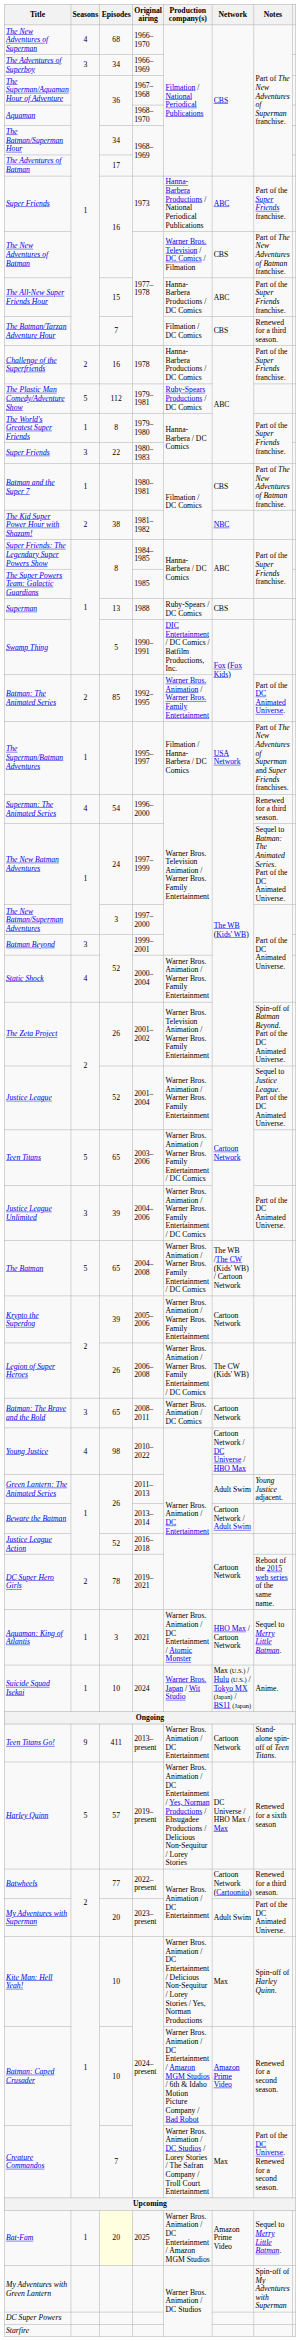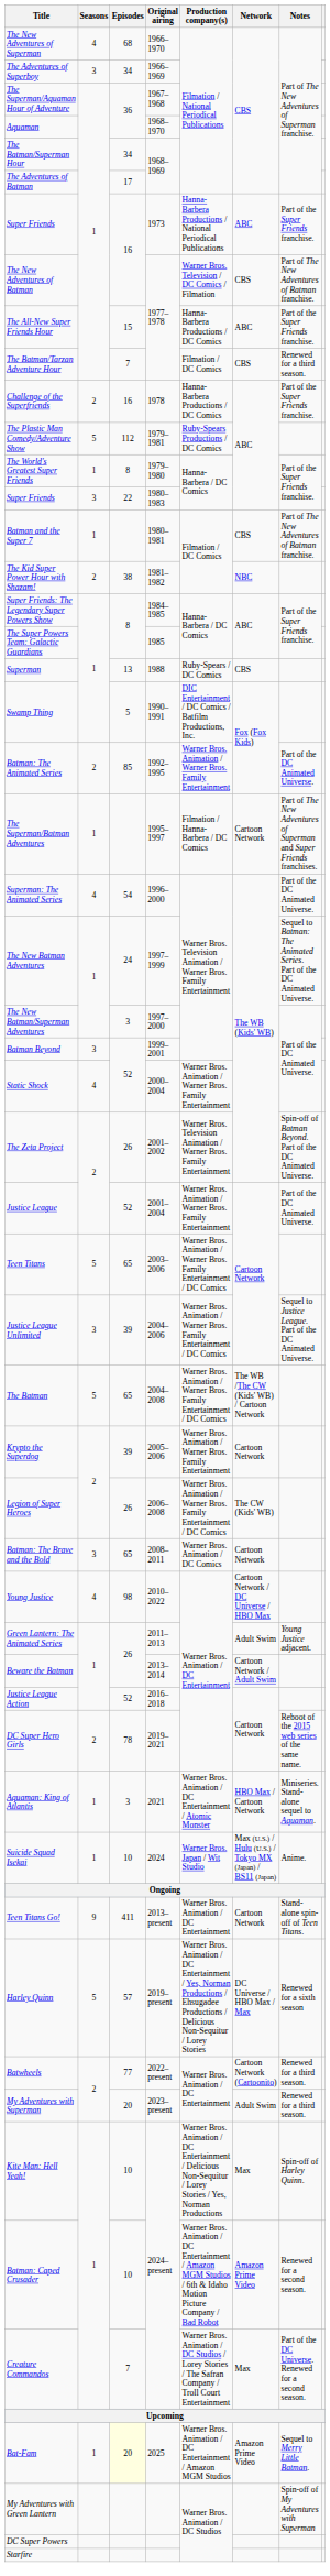 <table class="wikitable sortable" style="text-align: left">
 <tr>
 <th>Title</th>
 <th>Seasons</th>
 <th>Episodes</th>
 <th>Original airing</th>
 <th>Production company(s)</th>
 <th>Network</th>
 <th>Notes</th>
 <th></th>
 </tr>
 <tr>
 <td><em><a href='#'>The New Adventures of Superman</a></em></td>
 <td align="center">4</td>
 <td align="center">68</td>
 <td>1966–1970</td>
 <td rowspan="6"><a href='#'>Filmation</a> / <a href='#'>National Periodical Publications</a></td>
 <td rowspan="6"><a href='#'>CBS</a></td>
 <td rowspan="6">Part of <em>The New Adventures of Superman</em> franchise.</td>
 <td></td>
 </tr>
 <tr>
 <td><em><a href='#'>The Adventures of Superboy</a></em></td>
 <td align="center">3</td>
 <td align="center">34</td>
 <td>1966–1969</td>
 <td></td>
 </tr>
 <tr>
 <td><em><a href='#'>The Superman/Aquaman Hour of Adventure</a></em></td>
 <td align="center"rowspan="8">1</td>
 <td align="center"rowspan="2">36</td>
 <td>1967–1968</td>
 <td></td>
 </tr>
 <tr>
 <td><em><a href='#'>Aquaman</a></em></td>
 <td>1968–1970</td>
 <td></td>
 </tr>
 <tr>
 <td><em><a href='#'>The Batman/Superman Hour</a></em></td>
 <td align="center">34</td>
 <td rowspan="2">1968–1969</td>
 <td></td>
 </tr>
 <tr>
 <td><em><a href='#'>The Adventures of Batman</a></em></td>
 <td align="center">17</td>
 <td></td>
 </tr>
 <tr>
 <td><em><a href='#'>Super Friends</a></em></td>
 <td align="center"rowspan="2">16</td>
 <td>1973</td>
 <td><a href='#'>Hanna-Barbera Productions</a> / National Periodical Publications</td>
 <td><a href='#'>ABC</a></td>
 <td>Part of the <em><a href='#'>Super Friends</a></em> franchise.</td>
 <td></td>
 </tr>
 <tr>
 <td><em><a href='#'>The New Adventures of Batman</a></em></td>
 <td rowspan="3">1977–1978</td>
 <td><a href='#'>Warner Bros. Television</a> / <a href='#'>DC Comics</a> / Filmation</td>
 <td>CBS</td>
 <td>Part of <em>The New Adventures of Batman</em> franchise.</td>
 <td></td>
 </tr>
 <tr>
 <td><em><a href='#'>The All-New Super Friends Hour</a></em></td>
 <td align="center">15</td>
 <td>Hanna-Barbera Productions / DC Comics</td>
 <td>ABC</td>
 <td>Part of the <em>Super Friends</em> franchise.</td>
 <td></td>
 </tr>
 <tr>
 <td><em><a href='#'>The Batman/Tarzan Adventure Hour</a></em></td>
 <td align="center">7</td>
 <td>Filmation / DC Comics</td>
 <td>CBS</td>
 <td>Renewed for a third season.</td>
 <td></td>
 </tr>
 <tr>
 <td><em><a href='#'>Challenge of the Superfriends</a></em></td>
 <td align="center">2</td>
 <td align="center">16</td>
 <td>1978</td>
 <td>Hanna-Barbera Productions / DC Comics</td>
 <td rowspan="4">ABC</td>
 <td>Part of the <em>Super Friends</em> franchise.</td>
 <td></td>
 </tr>
 <tr>
 <td><em><a href='#'>The Plastic Man Comedy/Adventure Show</a></em></td>
 <td align="center">5</td>
 <td align="center">112</td>
 <td>1979–1981</td>
 <td><a href='#'>Ruby-Spears Productions</a> / DC Comics</td>
 <td></td>
 <td></td>
 </tr>
 <tr>
 <td><em><a href='#'>The World's Greatest Super Friends</a></em></td>
 <td align="center">1</td>
 <td align="center">8</td>
 <td>1979–1980</td>
 <td rowspan="2">Hanna-Barbera / DC Comics</td>
 <td rowspan="2">Part of the <em>Super Friends</em> franchise.</td>
 <td></td>
 </tr>
 <tr>
 <td><em><a href='#'>Super Friends</a></em></td>
 <td align="center">3</td>
 <td align="center">22</td>
 <td>1980–1983</td>
 <td></td>
 </tr>
 <tr>
 <td><em><a href='#'>Batman and the Super 7</a></em></td>
 <td align="center">1</td>
 <td></td>
 <td>1980–1981</td>
 <td rowspan="2">Filmation / DC Comics</td>
 <td>CBS</td>
 <td>Part of <em>The New Adventures of Batman</em> franchise.</td>
 <td></td>
 </tr>
 <tr>
 <td><em><a href='#'>The Kid Super Power Hour with Shazam!</a></em></td>
 <td align="center">2</td>
 <td align="center">38</td>
 <td>1981–1982</td>
 <td><a href='#'>NBC</a></td>
 <td></td>
 <td></td>
 </tr>
 <tr>
 <td><em><a href='#'>Super Friends: The Legendary Super Powers Show</a></em></td>
 <td align="center"rowspan="4">1</td>
 <td align="center"rowspan="2">8</td>
 <td>1984–1985</td>
 <td rowspan="2">Hanna-Barbera / DC Comics</td>
 <td rowspan="2">ABC</td>
 <td rowspan="2">Part of the <em>Super Friends</em> franchise.</td>
 <td></td>
 </tr>
 <tr>
 <td><em><a href='#'>The Super Powers Team: Galactic Guardians</a></em></td>
 <td>1985</td>
 <td></td>
 </tr>
 <tr>
 <td><em><a href='#'>Superman</a></em></td>
 <td align="center">13</td>
 <td>1988</td>
 <td>Ruby-Spears / DC Comics</td>
 <td>CBS</td>
 <td></td>
 <td></td>
 </tr>
 <tr>
 <td><em><a href='#'>Swamp Thing</a></em></td>
 <td align="center">5</td>
 <td>1990–1991</td>
 <td><a href='#'>DIC Entertainment</a> / DC Comics / Batfilm Productions, Inc.</td>
 <td rowspan="2"><a href='#'>Fox</a> (<a href='#'>Fox Kids</a>)</td>
 <td></td>
 <td></td>
 </tr>
 <tr>
 <td><em><a href='#'>Batman: The Animated Series</a></em></td>
 <td align="center">2</td>
 <td align="center">85</td>
 <td>1992–1995</td>
 <td><a href='#'>Warner Bros. Animation</a> / <a href='#'>Warner Bros. Family Entertainment</a> </td>
 <td>Part of the <a href='#'>DC Animated Universe</a>.</td>
 <td></td>
 </tr>
 <tr>
 <td><em><a href='#'>The Superman/Batman Adventures</a></em></td>
 <td align="center">1</td>
 <td></td>
 <td>1995–1997</td>
 <td>Filmation / Hanna-Barbera / DC Comics</td>
-<td><a href='#'>USA Network</a></td>
+<td>Cartoon Network</td>
 <td>Part of <em>The New Adventures of Superman</em> and <em>Super Friends</em> franchises.</td>
 <td></td>
 </tr>
 <tr>
 <td><em><a href='#'>Superman: The Animated Series</a></em></td>
 <td align="center">4</td>
 <td align="center">54</td>
 <td>1996–2000</td>
 <td rowspan="4">Warner Bros. Television Animation / Warner Bros. Family Entertainment</td>
 <td rowspan="6"><a href='#'>The WB</a> (<a href='#'>Kids' WB</a>)</td>
-<td>Renewed for a third season.</td>
+<td>Part of the DC Animated Universe.</td>
 <td></td>
 </tr>
 <tr>
 <td><em><a href='#'>The New Batman Adventures</a></em></td>
 <td align="center"rowspan="2">1</td>
 <td align="center">24</td>
 <td>1997–1999</td>
 <td>Sequel to <em>Batman: The Animated Series</em>.<br>Part of the DC Animated Universe.</td>
 <td></td>
 </tr>
 <tr>
 <td><em><a href='#'>The New Batman/Superman Adventures</a></em></td>
 <td align="center">3</td>
 <td>1997–2000</td>
 <td rowspan="3">Part of the DC Animated Universe.</td>
 <td></td>
 </tr>
 <tr>
 <td><em><a href='#'>Batman Beyond</a></em></td>
 <td align="center">3</td>
 <td align="center"rowspan="2">52</td>
 <td>1999–2001</td>
 <td></td>
 </tr>
 <tr>
 <td><em><a href='#'>Static Shock</a></em></td>
 <td align="center">4</td>
 <td>2000–2004</td>
 <td>Warner Bros. Animation / Warner Bros. Family Entertainment</td>
 <td></td>
 </tr>
 <tr>
 <td><em><a href='#'>The Zeta Project</a></em></td>
 <td align="center"rowspan="2">2</td>
 <td align="center">26</td>
 <td>2001–2002</td>
 <td>Warner Bros. Television Animation / Warner Bros. Family Entertainment</td>
 <td>Spin-off of <em>Batman Beyond</em>.<br>Part of the DC Animated Universe.</td>
 <td></td>
 </tr>
 <tr>
 <td><em><a href='#'>Justice League</a></em></td>
 <td align="center">52</td>
 <td>2001–2004</td>
 <td>Warner Bros. Animation / Warner Bros. Family Entertainment</td>
 <td rowspan="3"><a href='#'>Cartoon Network</a></td>
-<td>Sequel to <em>Justice League</em>.<br>Part of the DC Animated Universe.</td>
+<td>Part of the DC Animated Universe.</td>
 <td></td>
 </tr>
 <tr>
 <td><em><a href='#'>Teen Titans</a></em></td>
 <td align="center">5</td>
 <td align="center">65</td>
 <td>2003–2006</td>
 <td>Warner Bros. Animation / Warner Bros. Family Entertainment / DC Comics </td>
 <td></td>
 <td></td>
 </tr>
 <tr>
 <td><em><a href='#'>Justice League Unlimited</a></em></td>
 <td align="center">3</td>
 <td align="center">39</td>
 <td>2004–2006</td>
 <td>Warner Bros. Animation / Warner Bros. Family Entertainment / DC Comics </td>
-<td>Part of the DC Animated Universe.</td>
+<td>Sequel to <em>Justice League</em>.<br>Part of the DC Animated Universe.</td>
 <td></td>
 </tr>
 <tr>
 <td><em><a href='#'>The Batman</a></em></td>
 <td align="center">5</td>
 <td align="center">65</td>
 <td>2004–2008</td>
 <td>Warner Bros. Animation / Warner Bros. Family Entertainment / DC Comics </td>
 <td>The WB /<a href='#'>The CW</a>  (Kids' WB) / Cartoon Network </td>
 <td></td>
 <td></td>
 </tr>
 <tr>
 <td><em><a href='#'>Krypto the Superdog</a></em></td>
 <td align="center"rowspan="2">2</td>
 <td align="center">39</td>
 <td>2005–2006</td>
 <td>Warner Bros. Animation / Warner Bros. Family Entertainment</td>
 <td>Cartoon Network</td>
 <td></td>
 <td></td>
 </tr>
 <tr>
 <td><em><a href='#'>Legion of Super Heroes</a></em></td>
 <td align="center">26</td>
 <td>2006–2008</td>
 <td>Warner Bros. Animation / Warner Bros. Family Entertainment / DC Comics</td>
 <td>The CW (Kids' WB)</td>
 <td></td>
 <td></td>
 </tr>
 <tr>
 <td><em><a href='#'>Batman: The Brave and the Bold</a></em></td>
 <td align="center">3</td>
 <td align="center">65</td>
 <td>2008–2011</td>
 <td>Warner Bros. Animation / DC Comics</td>
 <td>Cartoon Network</td>
 <td></td>
 <td></td>
 </tr>
 <tr>
 <td><em><a href='#'>Young Justice</a></em></td>
 <td align="center">4</td>
 <td align="center">98</td>
 <td>2010–2022</td>
 <td rowspan="5">Warner Bros. Animation / <a href='#'>DC Entertainment</a></td>
 <td>Cartoon Network  / <a href='#'>DC Universe</a>  / <a href='#'>HBO Max</a> </td>
 <td></td>
 <td></td>
 </tr>
 <tr>
 <td><em><a href='#'>Green Lantern: The Animated Series</a></em></td>
 <td align="center"rowspan="3">1</td>
 <td align="center"rowspan="2">26</td>
 <td>2011–2013</td>
 <td>Adult Swim</td>
 <td><em>Young Justice</em> adjacent.</td>
 <td></td>
 </tr>
 <tr>
 <td><em><a href='#'>Beware the Batman</a></em></td>
 <td>2013–2014</td>
 <td>Cartoon Network  / <a href='#'>Adult Swim</a> </td>
 <td></td>
 <td></td>
 </tr>
 <tr>
 <td><em><a href='#'>Justice League Action</a></em></td>
 <td align="center">52</td>
 <td>2016–2018</td>
 <td rowspan="2">Cartoon Network</td>
 <td></td>
 <td></td>
 </tr>
 <tr>
 <td><em><a href='#'>DC Super Hero Girls</a></em></td>
 <td align="center">2</td>
 <td align="center">78</td>
 <td>2019–2021</td>
 <td>Reboot of the <a href='#'>2015 web series</a> of the same name.</td>
 <td></td>
 </tr>
 <tr>
 <td><em><a href='#'>Aquaman: King of Atlantis</a></em></td>
 <td align="center">1</td>
 <td align="center">3</td>
 <td>2021</td>
 <td>Warner Bros. Animation / DC Entertainment / <a href='#'>Atomic Monster</a></td>
 <td><a href='#'>HBO Max</a> / Cartoon Network</td>
-<td>Sequel to <em><a href='#'>Merry Little Batman</a></em>.</td>
+<td>Miniseries.<br>Stand-alone sequel to <em><a href='#'>Aquaman</a></em>.</td>
 <td></td>
 </tr>
 <tr>
 <td><em><a href='#'>Suicide Squad Isekai</a></em></td>
 <td align="center">1</td>
 <td align="center">10</td>
 <td>2024</td>
 <td><a href='#'>Warner Bros. Japan</a> / <a href='#'>Wit Studio</a></td>
 <td>Max <small>(U.S.)</small> / <a href='#'>Hulu</a> <small>(U.S.)</small> / <a href='#'>Tokyo MX</a> <small>(Japan)</small> / <a href='#'>BS11</a> <small>(Japan)</small></td>
 <td>Anime.</td>
 <td></td>
 </tr>
 <tr style="background:#b0c4de;">
 <th colspan="8">Ongoing</th>
 </tr>
 <tr>
 <td><em><a href='#'>Teen Titans Go!</a></em></td>
 <td align="center">9</td>
 <td align="center">411</td>
 <td>2013–present</td>
 <td>Warner Bros. Animation / DC Entertainment</td>
 <td>Cartoon Network</td>
 <td>Stand-alone spin-off of <em>Teen Titans</em>.</td>
 <td></td>
 </tr>
 <tr>
 <td><em><a href='#'>Harley Quinn</a></em></td>
 <td align="center">5</td>
 <td align="center">57</td>
 <td>2019–present</td>
 <td>Warner Bros. Animation / DC Entertainment / <a href='#'>Yes, Norman Productions</a> / Ehsugadee Productions  / Delicious Non-Sequitur  / Lorey Stories </td>
 <td>DC Universe  / HBO Max  / <a href='#'>Max</a> </td>
 <td>Renewed for a sixth season</td>
 <td></td>
 </tr>
 <tr>
 <td><em><a href='#'>Batwheels</a></em></td>
 <td align="center"rowspan="2">2</td>
 <td align="center">77</td>
 <td>2022–present</td>
 <td rowspan="2">Warner Bros. Animation / DC Entertainment</td>
 <td>Cartoon Network (<a href='#'>Cartoonito</a>)</td>
 <td>Renewed for a third season.</td>
 <td></td>
 </tr>
 <tr>
 <td><em><a href='#'>My Adventures with Superman</a></em></td>
 <td align="center">20</td>
 <td>2023–present</td>
 <td>Adult Swim</td>
-<td>Part of the DC Animated Universe.</td>
+<td>Renewed for a third season.</td>
 <td></td>
 </tr>
 <tr>
 <td><em><a href='#'>Kite Man: Hell Yeah!</a></em></td>
 <td align="center"rowspan="3">1</td>
 <td align="center">10</td>
 <td rowspan="3">2024–present</td>
 <td>Warner Bros. Animation / DC Entertainment / Delicious Non-Sequitur / Lorey Stories / Yes, Norman Productions</td>
 <td>Max</td>
 <td>Spin-off of <em>Harley Quinn</em>.</td>
 <td></td>
 </tr>
 <tr>
 <td><em><a href='#'>Batman: Caped Crusader</a></em></td>
 <td align="center">10</td>
 <td>Warner Bros. Animation / DC Entertainment / <a href='#'>Amazon MGM Studios</a> / 6th & Idaho Motion Picture Company / <a href='#'>Bad Robot</a></td>
 <td><a href='#'>Amazon Prime Video</a></td>
 <td>Renewed for a second season.</td>
 <td></td>
 </tr>
 <tr>
 <td><em><a href='#'>Creature Commandos</a></em></td>
 <td align="center">7</td>
 <td>Warner Bros. Animation / <a href='#'>DC Studios</a> / Lorey Stories / The Safran Company / Troll Court Entertainment</td>
 <td>Max</td>
 <td>Part of the <a href='#'>DC Universe</a>.<br>Renewed for a second season.</td>
 <td></td>
 </tr>
 <tr style="background:#b0c4de;">
 <th colspan="8">Upcoming</th>
 </tr>
 <tr>
 <td><em><a href='#'>Bat-Fam</a></em></td>
 <td align="center">1</td>
 <td align="center" style="background: lightyellow;">20</td>
 <td>2025</td>
 <td>Warner Bros. Animation / DC Entertainment / Amazon MGM Studios</td>
 <td>Amazon Prime Video</td>
 <td>Sequel to <em><a href='#'>Merry Little Batman</a></em>.</td>
 <td></td>
 </tr>
 <tr>
 <td><em>My Adventures with Green Lantern</em></td>
 <td></td>
 <td></td>
 <td></td>
 <td rowspan="3">Warner Bros. Animation / DC Studios</td>
 <td></td>
 <td>Spin-off of <em>My Adventures with Superman</em></td>
 <td></td>
 </tr>
 <tr>
 <td><em>DC Super Powers</em></td>
 <td></td>
 <td></td>
 <td></td>
 <td></td>
 <td></td>
 <td></td>
 </tr>
 <tr>
 <td><em>Starfire</em></td>
 <td></td>
 <td></td>
 <td></td>
 <td></td>
 <td></td>
 <td></td>
 </tr>
 </table>
